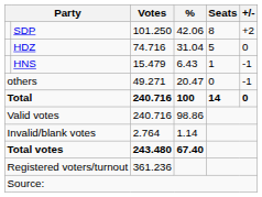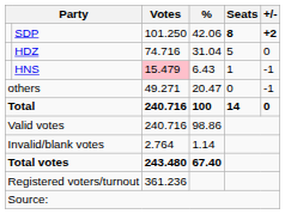 <table class="wikitable" style="text-align: left;">
 <tr>
 <th colspan="2">Party</th>
 <th>Votes</th>
 <th>%</th>
 <th>Seats</th>
 <th>+/-</th>
 </tr>
 <tr>
 <td width="2" style="background-color: "></td>
 <td><a href='#'>SDP</a></td>
 <td>101.250</td>
 <td>42.06</td>
-<td>8</td>
-<td>+2</td>
+<td><strong>8</strong></td>
+<td><strong>+2</strong></td>
 </tr>
 <tr>
 <td style="background-color: "></td>
 <td><a href='#'>HDZ</a></td>
 <td>74.716</td>
 <td>31.04</td>
 <td>5</td>
 <td>0</td>
 </tr>
 <tr>
 <td style="background-color: "></td>
 <td><a href='#'>HNS</a></td>
-<td>15.479</td>
+<td style="background: pink;">15.479</td>
 <td>6.43</td>
 <td>1</td>
 <td>-1</td>
 </tr>
 <tr>
 <td colspan="2">others</td>
 <td>49.271</td>
 <td>20.47</td>
 <td>0</td>
 <td>-1</td>
 </tr>
 <tr>
 <td colspan="2"><strong>Total</strong></td>
 <td><strong>240.716</strong></td>
 <td><strong>100</strong></td>
 <td><strong>14</strong></td>
 <td><strong>0</strong></td>
 </tr>
 <tr>
 <td colspan="2">Valid votes</td>
 <td>240.716</td>
 <td>98.86</td>
 <td colspan="2"></td>
 </tr>
 <tr>
 <td colspan="2">Invalid/blank votes</td>
 <td>2.764</td>
 <td>1.14</td>
 <td colspan="2"></td>
 </tr>
 <tr>
 <td colspan="2"><strong>Total votes</strong></td>
 <td><strong>243.480</strong></td>
 <td><strong>67.40</strong></td>
 <td colspan="2"></td>
 </tr>
 <tr>
 <td colspan="2">Registered voters/turnout</td>
 <td votes14="5343">361.236</td>
 <td></td>
 <td colspan="2"></td>
 </tr>
 <tr>
 <td colspan="6">Source: </td>
 </tr>
 </table>
